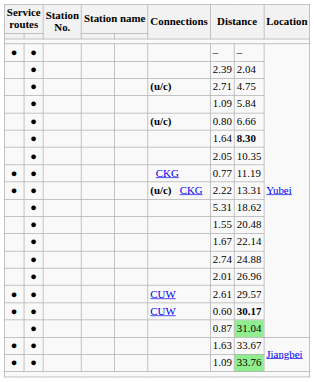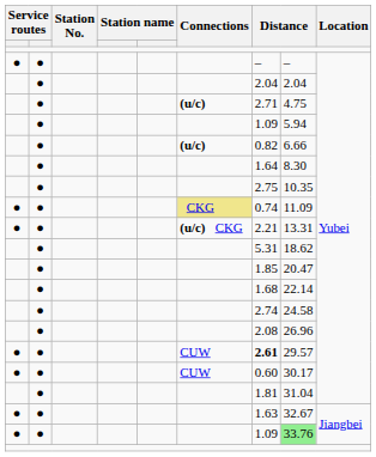 <table class="wikitable">
 <tr>
 <th colspan="2">Service<br>routes</th>
 <th rowspan="2">Station<br>No.</th>
 <th colspan="2">Station name</th>
 <th rowspan="2">Connections</th>
 <th colspan="2" rowspan="2">Distance<br></th>
 <th rowspan="2">Location</th>
 </tr>
 <tr>
 <th></th>
 <th></th>
 <th></th>
 <th></th>
 </tr>
 <tr style="background:#">
 <td colspan="9"></td>
 </tr>
 <tr>
 <td align="center">●</td>
 <td align="center">●</td>
 <td></td>
 <td></td>
 <td></td>
 <td></td>
 <td>–</td>
 <td>–</td>
 <td rowspan="17"><a href='#'>Yubei</a></td>
 </tr>
 <tr>
 <td align="center"></td>
 <td align="center">●</td>
 <td></td>
 <td></td>
 <td></td>
 <td></td>
-<td>2.39</td>
+<td>2.04</td>
 <td>2.04</td>
 </tr>
 <tr>
 <td align="center"></td>
 <td align="center">●</td>
 <td></td>
 <td></td>
 <td></td>
 <td> <strong>(u/c)</strong></td>
 <td>2.71</td>
 <td>4.75</td>
 </tr>
 <tr>
 <td align="center"></td>
 <td align="center">●</td>
 <td></td>
 <td></td>
 <td></td>
 <td></td>
 <td>1.09</td>
-<td>5.84</td>
+<td>5.94</td>
 </tr>
 <tr>
 <td align="center"></td>
 <td align="center">●</td>
 <td></td>
 <td></td>
 <td></td>
 <td> <strong>(u/c)</strong></td>
-<td>0.80</td>
+<td>0.82</td>
 <td>6.66</td>
 </tr>
 <tr>
 <td align="center"></td>
 <td align="center">●</td>
 <td></td>
 <td></td>
 <td></td>
 <td></td>
 <td>1.64</td>
-<td><strong>8.30</strong></td>
+<td>8.30</td>
 </tr>
 <tr>
 <td align="center"></td>
 <td align="center">●</td>
 <td></td>
 <td></td>
 <td></td>
 <td></td>
-<td>2.05</td>
+<td>2.75</td>
 <td>10.35</td>
 </tr>
 <tr>
 <td align="center">●</td>
 <td align="center">●</td>
 <td></td>
 <td></td>
 <td></td>
-<td>  <a href='#'>CKG</a></td>
-<td>0.77</td>
-<td>11.19</td>
+<td style="background: khaki;">  <a href='#'>CKG</a></td>
+<td>0.74</td>
+<td>11.09</td>
 </tr>
 <tr>
 <td align="center">●</td>
 <td align="center">●</td>
 <td></td>
 <td></td>
 <td></td>
 <td> <strong>(u/c)</strong>   <a href='#'>CKG</a></td>
-<td>2.22</td>
+<td>2.21</td>
 <td>13.31</td>
 </tr>
 <tr>
 <td align="center"></td>
 <td align="center">●</td>
 <td></td>
 <td></td>
 <td></td>
 <td></td>
 <td>5.31</td>
 <td>18.62</td>
 </tr>
 <tr>
 <td align="center"></td>
 <td align="center">●</td>
 <td></td>
 <td></td>
 <td></td>
 <td></td>
-<td>1.55</td>
-<td>20.48</td>
+<td>1.85</td>
+<td>20.47</td>
 </tr>
 <tr>
 <td align="center"></td>
 <td align="center">●</td>
 <td></td>
 <td></td>
 <td></td>
 <td></td>
-<td>1.67</td>
+<td>1.68</td>
 <td>22.14</td>
 </tr>
 <tr>
 <td align="center"></td>
 <td align="center">●</td>
 <td></td>
 <td></td>
 <td></td>
 <td></td>
 <td>2.74</td>
-<td>24.88</td>
+<td>24.58</td>
 </tr>
 <tr>
 <td align="center"></td>
 <td align="center">●</td>
 <td></td>
 <td></td>
 <td></td>
 <td></td>
-<td>2.01</td>
+<td>2.08</td>
 <td>26.96</td>
 </tr>
 <tr>
 <td align="center">●</td>
 <td align="center">●</td>
 <td></td>
 <td></td>
 <td></td>
 <td>   <a href='#'>CUW</a></td>
-<td>2.61</td>
+<td><strong>2.61</strong></td>
 <td>29.57</td>
 </tr>
 <tr>
 <td align="center">●</td>
 <td align="center">●</td>
 <td></td>
 <td></td>
 <td></td>
 <td>    <a href='#'>CUW</a></td>
 <td>0.60</td>
-<td><strong>30.17</strong></td>
+<td>30.17</td>
 </tr>
 <tr>
 <td align="center"></td>
 <td align="center">●</td>
 <td></td>
 <td></td>
 <td></td>
 <td></td>
-<td>0.87</td>
-<td style="background: lightgreen;">31.04</td>
+<td>1.81</td>
+<td>31.04</td>
 </tr>
 <tr>
 <td align="center">●</td>
 <td align="center">●</td>
 <td></td>
 <td></td>
 <td></td>
 <td></td>
 <td>1.63</td>
-<td>33.67</td>
+<td>32.67</td>
 <td rowspan="2"><a href='#'>Jiangbei</a></td>
 </tr>
 <tr>
 <td align="center">●</td>
 <td align="center">●</td>
 <td></td>
 <td></td>
 <td></td>
 <td></td>
 <td>1.09</td>
 <td style="background: lightgreen;">33.76</td>
 </tr>
 <tr style="background:#">
 <td colspan="9"></td>
 </tr>
 </table>
